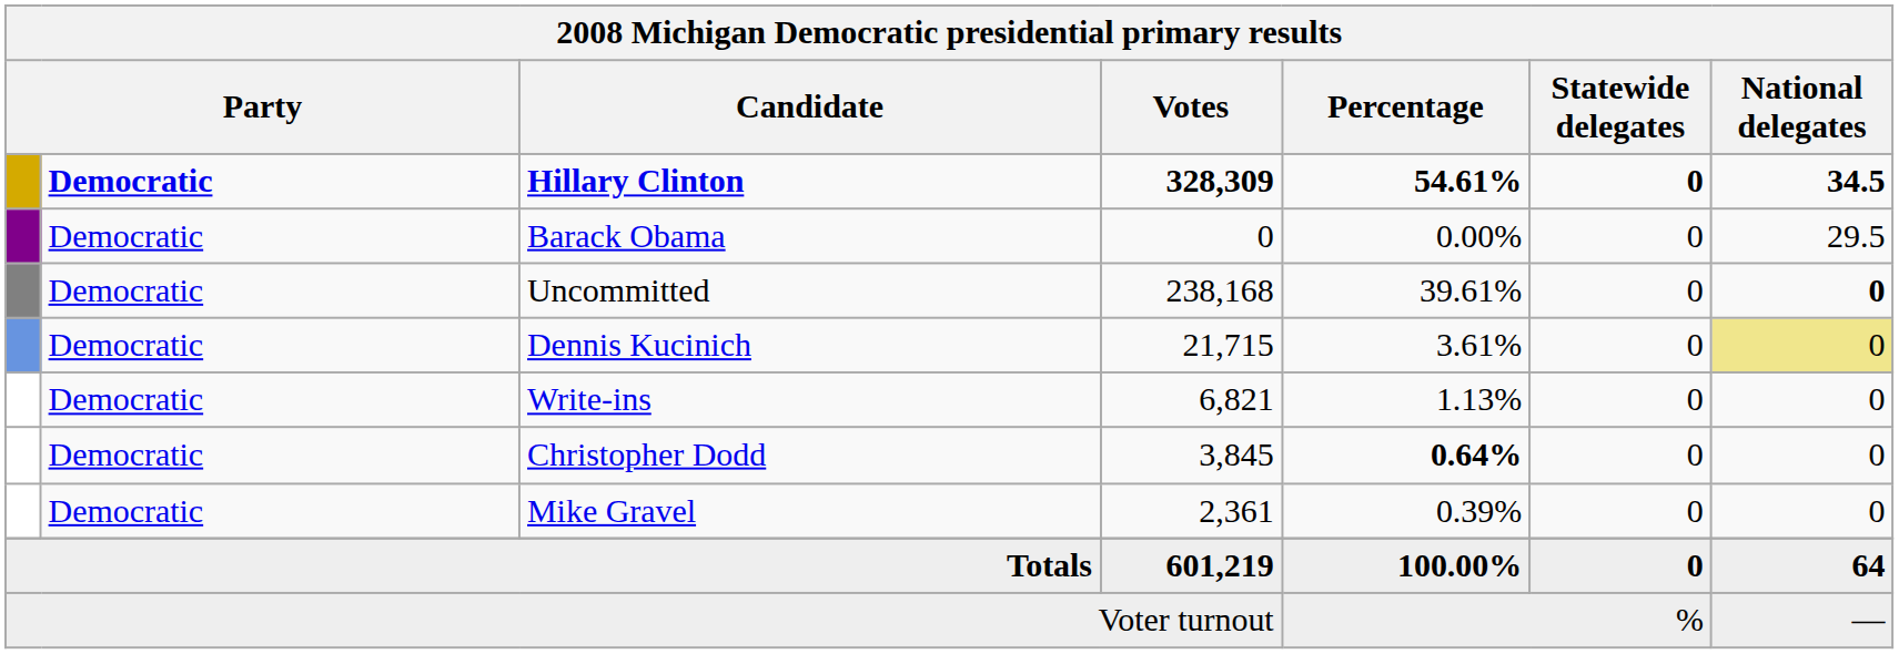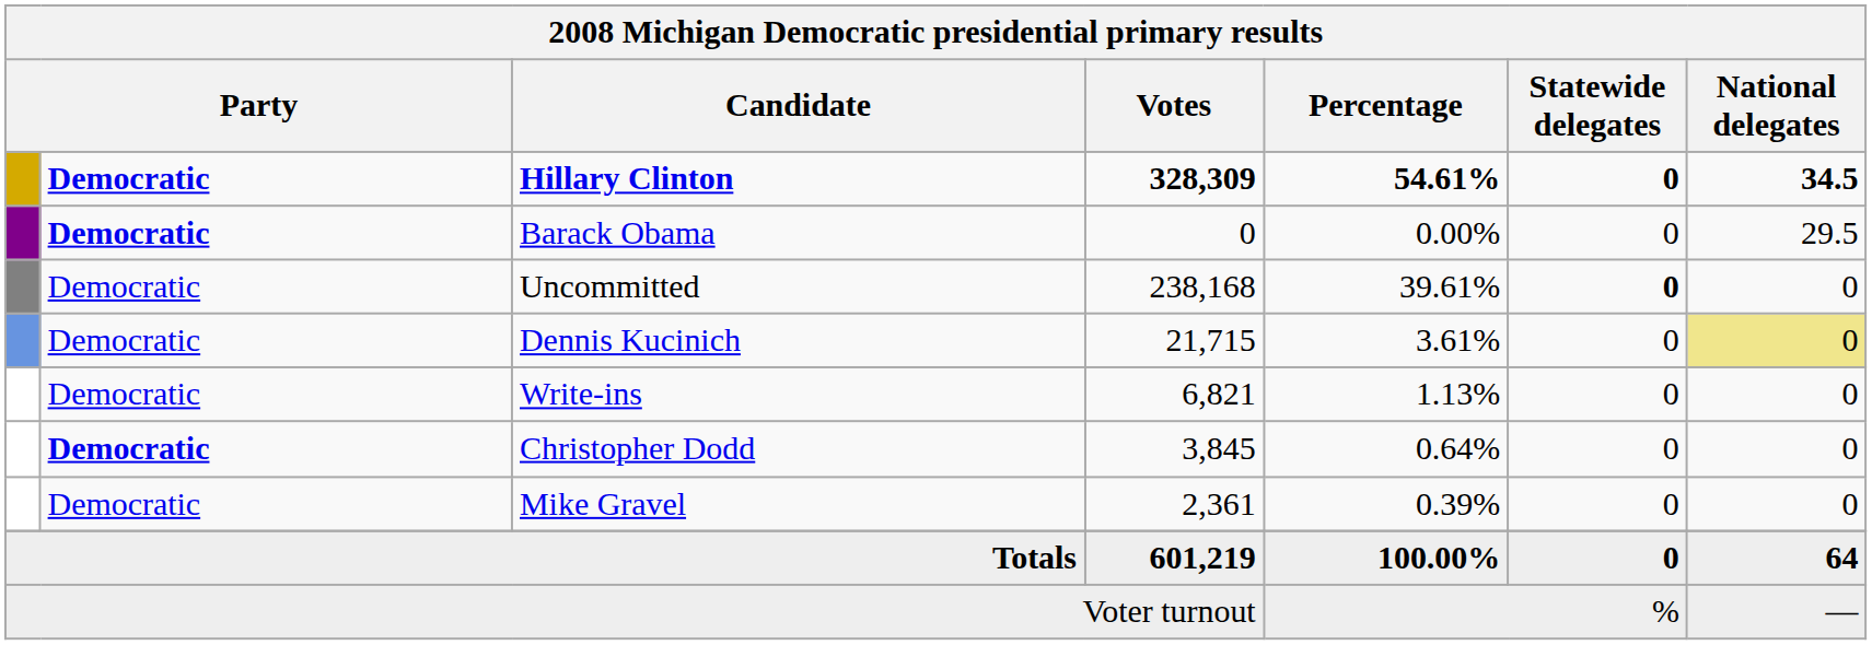 <table class="wikitable" style="font-size:95%;">
 <tr>
 <th colspan="7">2008 Michigan Democratic presidential primary results</th>
 </tr>
 <tr>
 <th colspan="2" style="width: 15em">Party</th>
 <th style="width: 17em">Candidate</th>
 <th style="width: 5em">Votes</th>
 <th style="width: 7em">Percentage</th>
 <th style="width: 5em">Statewide delegates</th>
 <th style="width: 5em">National delegates</th>
 </tr>
 <tr>
 <th style="background-color:#D4AA00; width: 3px"></th>
 <td style="width: 130px"><strong><a href='#'>Democratic</a></strong></td>
 <td><strong><a href='#'>Hillary Clinton</a></strong></td>
 <td align="right"><strong>328,309</strong></td>
 <td align="right"><strong>54.61%</strong></td>
 <td align="right"><strong>0</strong></td>
 <td align="right"><strong>34.5</strong></td>
 </tr>
 <tr>
 <th style="background-color:#80008A; width: 3px"></th>
-<td style="width: 130px"><a href='#'>Democratic</a></td>
+<td style="width: 130px"><strong><a href='#'>Democratic</a></strong></td>
 <td><a href='#'>Barack Obama</a></td>
 <td align="right">0</td>
 <td align="right">0.00%</td>
 <td align="right">0</td>
 <td align="right">29.5</td>
 </tr>
 <tr>
 <th style="background-color:gray; width: 3px"></th>
 <td style="width: 130px"><a href='#'>Democratic</a></td>
 <td>Uncommitted</td>
 <td align="right">238,168</td>
 <td align="right">39.61%</td>
+<td align="right"><strong>0</strong></td>
 <td align="right">0</td>
-<td align="right"><strong>0</strong></td>
 </tr>
 <tr>
 <th style="background-color:#6794e0; width: 3px"></th>
 <td style="width: 130px"><a href='#'>Democratic</a></td>
 <td><a href='#'>Dennis Kucinich</a></td>
 <td align="right">21,715</td>
 <td align="right">3.61%</td>
 <td align="right">0</td>
 <td align="right" style="background: khaki;">0</td>
 </tr>
 <tr>
 <th style="background-color:white; width: 3px"></th>
 <td style="width: 130px"><a href='#'>Democratic</a></td>
 <td><a href='#'>Write-ins</a></td>
 <td align="right">6,821</td>
 <td align="right">1.13%</td>
 <td align="right">0</td>
 <td align="right">0</td>
 </tr>
 <tr>
 <th style="background-color:white; width: 3px"></th>
-<td style="width: 130px"><a href='#'>Democratic</a></td>
+<td style="width: 130px"><strong><a href='#'>Democratic</a></strong></td>
 <td><a href='#'>Christopher Dodd</a></td>
 <td align="right">3,845</td>
-<td align="right"><strong>0.64%</strong></td>
+<td align="right">0.64%</td>
 <td align="right">0</td>
 <td align="right">0</td>
 </tr>
 <tr>
 <th style="background-color:white; width: 3px"></th>
 <td style="width: 130px"><a href='#'>Democratic</a></td>
 <td><a href='#'>Mike Gravel</a></td>
 <td align="right">2,361</td>
 <td align="right">0.39%</td>
 <td align="right">0</td>
 <td align="right">0</td>
 </tr>
 <tr>
 </tr>
 <tr bgcolor="#EEEEEE">
 <td colspan="3" align="right"><strong>Totals</strong></td>
 <td align="right"><strong>601,219</strong></td>
 <td align="right"><strong>100.00%</strong></td>
 <td align="right"><strong>0</strong></td>
 <td align="right"><strong>64</strong></td>
 </tr>
 <tr bgcolor="#EEEEEE">
 <td colspan="4" align="right">Voter turnout</td>
 <td colspan="2" align="right">%</td>
 <td align="right">—</td>
 </tr>
 </table>
